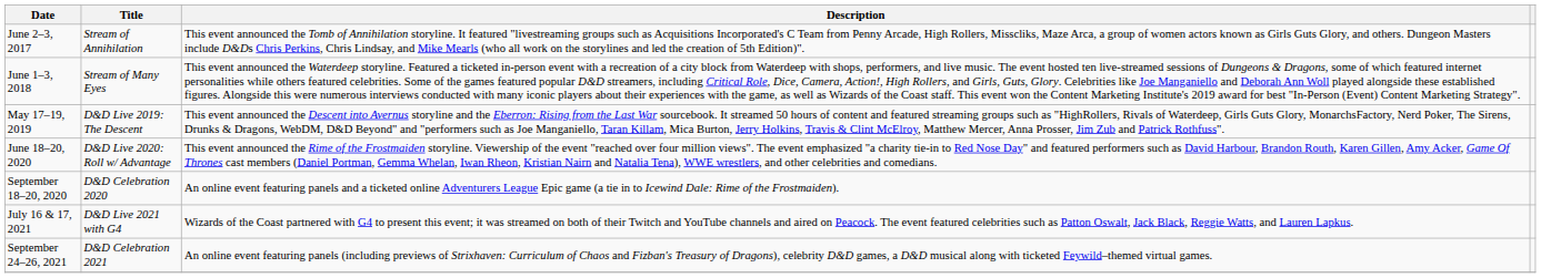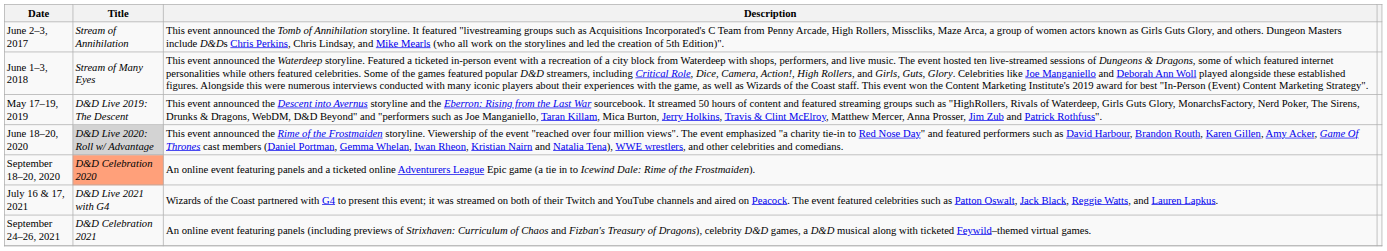 <table class="wikitable sortable" style="margins:auto; width=95%; font-size: 95%;">
 <tr>
 <th>Date</th>
 <th>Title</th>
 <th>Description</th>
 <th></th>
 </tr>
 <tr>
 <td>June 2–3, 2017</td>
 <td><em>Stream of Annihilation</em></td>
 <td>This event announced the <em>Tomb of Annihilation</em> storyline. It featured "livestreaming groups such as Acquisitions Incorporated's C Team from Penny Arcade, High Rollers, Misscliks, Maze Arca, a group of women actors known as Girls Guts Glory, and others. Dungeon Masters include <em>D&D</em>s <a href='#'>Chris Perkins</a>, Chris Lindsay, and <a href='#'>Mike Mearls</a> (who all work on the storylines and led the creation of 5th Edition)".</td>
 <td></td>
 </tr>
 <tr>
 <td>June 1–3, 2018</td>
 <td><em>Stream of Many Eyes</em></td>
 <td>This event announced the <em>Waterdeep</em> storyline. Featured a ticketed in-person event with a recreation of a city block from Waterdeep with shops, performers, and live music. The event hosted ten live-streamed sessions of <em>Dungeons & Dragons</em>, some of which featured internet personalities while others featured celebrities. Some of the games featured popular <em>D&D</em> streamers, including <em><a href='#'>Critical Role</a></em>, <em>Dice, Camera, Action!</em>, <em>High Rollers</em>, and <em>Girls, Guts, Glory</em>. Celebrities like <a href='#'>Joe Manganiello</a> and <a href='#'>Deborah Ann Woll</a> played alongside these established figures. Alongside this were numerous interviews conducted with many iconic players about their experiences with the game, as well as Wizards of the Coast staff. This event won the Content Marketing Institute's 2019 award for best "In-Person (Event) Content Marketing Strategy".</td>
 <td></td>
 </tr>
 <tr>
 <td>May 17–19, 2019</td>
 <td><em>D&D Live 2019: The Descent</em></td>
 <td>This event announced the <em><a href='#'>Descent into Avernus</a></em> storyline and the <em><a href='#'>Eberron: Rising from the Last War</a></em> sourcebook. It streamed 50 hours of content and featured streaming groups such as "HighRollers, Rivals of Waterdeep, Girls Guts Glory, MonarchsFactory, Nerd Poker, The Sirens, Drunks & Dragons, WebDM, D&D Beyond" and "performers such as Joe Manganiello, <a href='#'>Taran Killam</a>, Mica Burton, <a href='#'>Jerry Holkins</a>, <a href='#'>Travis & Clint McElroy</a>, Matthew Mercer, Anna Prosser, <a href='#'>Jim Zub</a> and <a href='#'>Patrick Rothfuss</a>".</td>
 <td></td>
 </tr>
 <tr>
 <td>June 18–20, 2020</td>
-<td><em>D&D Live 2020: Roll w/ Advantage</em></td>
+<td style="background: lightgrey;"><em>D&D Live 2020: Roll w/ Advantage</em></td>
 <td>This event announced the <a href='#'><em>Rime of the Frostmaiden</em></a> storyline. Viewership of the event "reached over four million views". The event emphasized "a charity tie-in to <a href='#'>Red Nose Day</a>" and featured performers such as <a href='#'>David Harbour</a>, <a href='#'>Brandon Routh</a>, <a href='#'>Karen Gillen</a>, <a href='#'>Amy Acker</a>, <em><a href='#'>Game Of Thrones</a></em> cast members (<a href='#'>Daniel Portman</a>, <a href='#'>Gemma Whelan</a>, <a href='#'>Iwan Rheon</a>, <a href='#'>Kristian Nairn</a> and <a href='#'>Natalia Tena</a>), <a href='#'>WWE wrestlers</a>, and other celebrities and comedians.</td>
 <td></td>
 </tr>
 <tr>
 <td>September 18–20, 2020</td>
-<td><em>D&D Celebration 2020</em></td>
+<td style="background: lightsalmon;"><em>D&D Celebration 2020</em></td>
 <td>An online event featuring panels and a ticketed online <a href='#'>Adventurers League</a> Epic game (a tie in to <em>Icewind Dale: Rime of the Frostmaiden</em>).</td>
 <td></td>
 </tr>
 <tr>
 <td>July 16 & 17, 2021</td>
 <td><em>D&D Live 2021 with G4</em></td>
 <td>Wizards of the Coast partnered with <a href='#'>G4</a> to present this event; it was streamed on both of their Twitch and YouTube channels and aired on <a href='#'>Peacock</a>. The event featured celebrities such as <a href='#'>Patton Oswalt</a>, <a href='#'>Jack Black</a>, <a href='#'>Reggie Watts</a>, and <a href='#'>Lauren Lapkus</a>.</td>
 <td></td>
 </tr>
 <tr>
 <td>September 24–26, 2021</td>
 <td><em>D&D Celebration 2021</em></td>
 <td>An online event featuring panels (including previews of <em>Strixhaven: Curriculum of Chaos</em> and <em>Fizban's Treasury of Dragons</em>), celebrity <em>D&D</em> games, a <em>D&D</em> musical along with ticketed <a href='#'>Feywild</a>–themed virtual games.</td>
 <td></td>
 </tr>
 <tr>
 </tr>
 </table>
